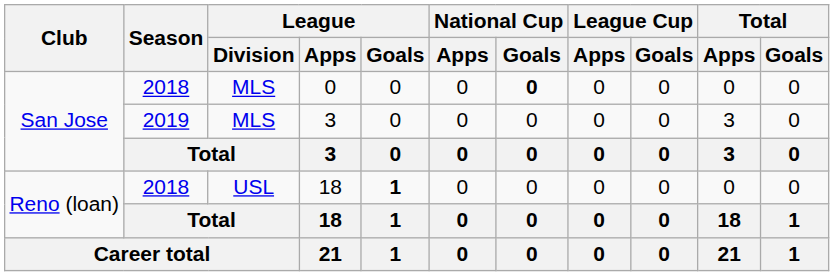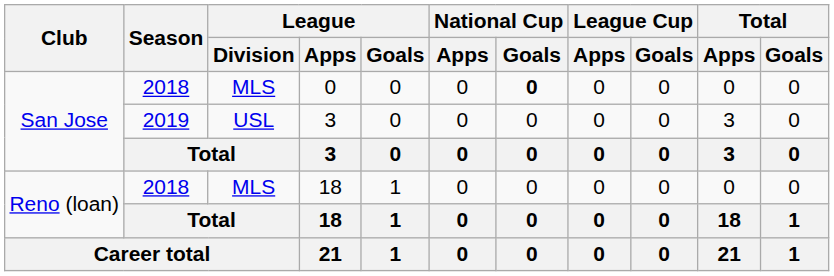 <table class="wikitable" style="text-align: center;">
 <tr>
 <th rowspan="2">Club</th>
 <th rowspan="2">Season</th>
 <th colspan="3">League</th>
 <th colspan="2">National Cup</th>
 <th colspan="2">League Cup</th>
 <th colspan="2">Total</th>
 </tr>
 <tr>
 <th>Division</th>
 <th>Apps</th>
 <th>Goals</th>
 <th>Apps</th>
 <th>Goals</th>
 <th>Apps</th>
 <th>Goals</th>
 <th>Apps</th>
 <th>Goals</th>
 </tr>
 <tr>
 <td rowspan="3" valign="center"><a href='#'>San Jose</a></td>
 <td><a href='#'>2018</a></td>
 <td Rowspan="1"><a href='#'>MLS</a></td>
 <td>0</td>
 <td>0</td>
 <td>0</td>
 <td><strong>0</strong></td>
 <td>0</td>
 <td>0</td>
 <td>0</td>
 <td>0</td>
 </tr>
 <tr>
 <td><a href='#'>2019</a></td>
-<td rowspan="1"><a href='#'>MLS</a></td>
+<td rowspan="1"><a href='#'>USL</a></td>
 <td>3</td>
 <td>0</td>
 <td>0</td>
 <td>0</td>
 <td>0</td>
 <td>0</td>
 <td>3</td>
 <td>0</td>
 </tr>
 <tr>
 <th colspan="2">Total</th>
 <th>3</th>
 <th>0</th>
 <th>0</th>
 <th>0</th>
 <th>0</th>
 <th>0</th>
 <th>3</th>
 <th>0</th>
 </tr>
 <tr>
 <td rowspan="2" valign="center"><a href='#'>Reno</a> (loan)</td>
 <td><a href='#'>2018</a></td>
-<td rowspan="1"><a href='#'>USL</a></td>
+<td rowspan="1"><a href='#'>MLS</a></td>
 <td>18</td>
-<td><strong>1</strong></td>
+<td>1</td>
 <td>0</td>
 <td>0</td>
 <td>0</td>
 <td>0</td>
 <td>0</td>
 <td>0</td>
 </tr>
 <tr>
 <th colspan="2">Total</th>
 <th>18</th>
 <th>1</th>
 <th>0</th>
 <th>0</th>
 <th>0</th>
 <th>0</th>
 <th>18</th>
 <th>1</th>
 </tr>
 <tr>
 <th colspan="3">Career total</th>
 <th>21</th>
 <th>1</th>
 <th>0</th>
 <th>0</th>
 <th>0</th>
 <th>0</th>
 <th>21</th>
 <th>1</th>
 </tr>
 </table>
